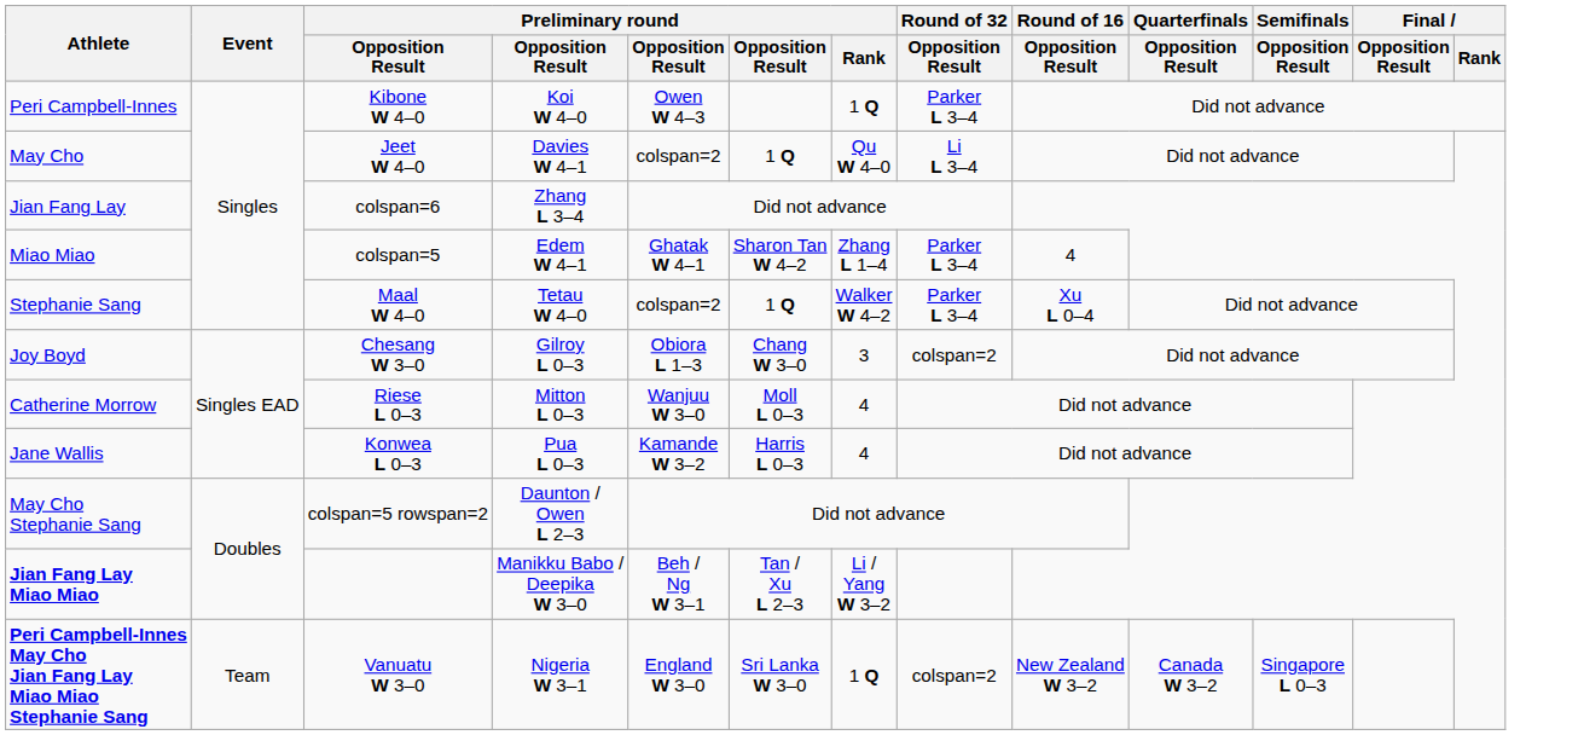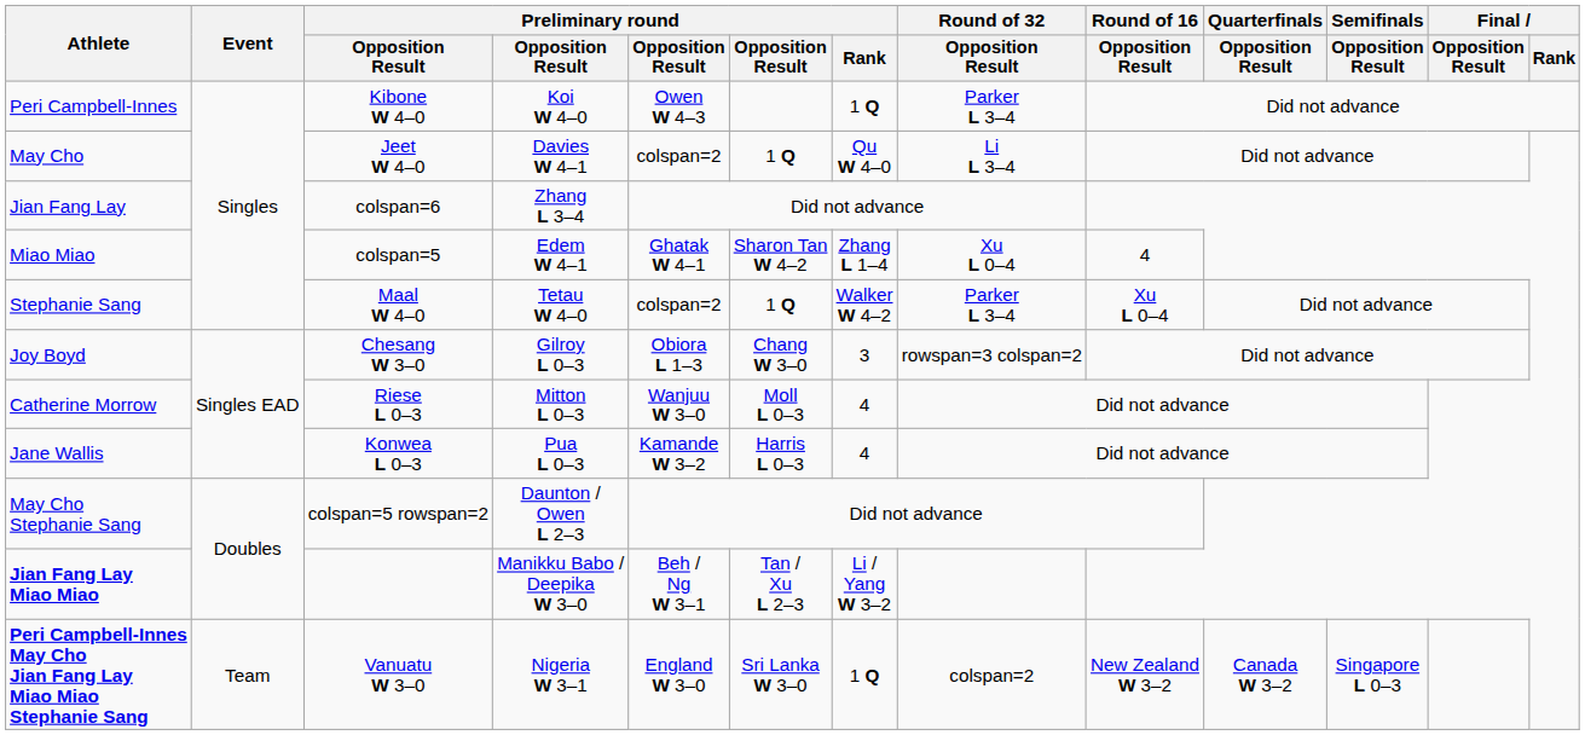 <table class="wikitable" style="font-size:90%;text-align:center">
 <tr>
 <th rowspan=2>Athlete</th>
 <th rowspan=2>Event</th>
 <th colspan=5>Preliminary round</th>
 <th>Round of 32</th>
 <th>Round of 16</th>
 <th>Quarterfinals</th>
 <th>Semifinals</th>
 <th colspan=2>Final / </th>
 </tr>
 <tr style="font-size:95%">
 <th>Opposition<br>Result</th>
 <th>Opposition<br>Result</th>
 <th>Opposition<br>Result</th>
 <th>Opposition<br>Result</th>
 <th>Rank</th>
 <th>Opposition<br>Result</th>
 <th>Opposition<br>Result</th>
 <th>Opposition<br>Result</th>
 <th>Opposition<br>Result</th>
 <th>Opposition<br>Result</th>
 <th>Rank</th>
 </tr>
 <tr>
 <td align=left><a href='#'>Peri Campbell-Innes</a></td>
 <td rowspan=5>Singles</td>
 <td> <a href='#'>Kibone</a> <br> <strong>W</strong> 4–0</td>
 <td> <a href='#'>Koi</a> <br> <strong>W</strong> 4–0</td>
 <td> <a href='#'>Owen</a> <br> <strong>W</strong> 4–3</td>
 <td></td>
 <td>1 <strong>Q</strong></td>
 <td> <a href='#'>Parker</a> <br> <strong>L</strong> 3–4</td>
 <td colspan=5>Did not advance</td>
 </tr>
 <tr>
 <td align=left><a href='#'>May Cho</a></td>
 <td> <a href='#'>Jeet</a> <br> <strong>W</strong> 4–0</td>
 <td> <a href='#'>Davies</a> <br> <strong>W</strong> 4–1</td>
 <td>colspan=2 </td>
 <td>1 <strong>Q</strong></td>
 <td> <a href='#'>Qu</a> <br><strong>W</strong> 4–0</td>
 <td> <a href='#'>Li</a> <br> <strong>L</strong> 3–4</td>
 <td colspan=4>Did not advance</td>
 </tr>
 <tr>
 <td align=left><a href='#'>Jian Fang Lay</a></td>
 <td>colspan=6 </td>
 <td> <a href='#'>Zhang</a> <br> <strong>L</strong> 3–4</td>
 <td colspan=4>Did not advance</td>
 </tr>
 <tr>
 <td align=left><a href='#'>Miao Miao</a></td>
 <td>colspan=5 </td>
 <td> <a href='#'>Edem</a> <br> <strong>W</strong> 4–1</td>
 <td> <a href='#'>Ghatak</a> <br> <strong>W</strong> 4–1</td>
 <td> <a href='#'>Sharon Tan</a> <br> <strong>W</strong> 4–2</td>
 <td> <a href='#'>Zhang</a> <br> <strong>L</strong> 1–4</td>
-<td> <a href='#'>Parker</a> <br> <strong>L</strong> 3–4</td>
+<td> <a href='#'>Xu</a> <br> <strong>L</strong> 0–4</td>
 <td>4</td>
 </tr>
 <tr>
 <td align=left><a href='#'>Stephanie Sang</a></td>
 <td> <a href='#'>Maal</a> <br> <strong>W</strong> 4–0</td>
 <td> <a href='#'>Tetau</a> <br> <strong>W</strong> 4–0</td>
 <td>colspan=2 </td>
 <td>1 <strong>Q</strong></td>
 <td> <a href='#'>Walker</a> <br> <strong>W</strong> 4–2</td>
 <td> <a href='#'>Parker</a> <br> <strong>L</strong> 3–4</td>
 <td> <a href='#'>Xu</a> <br> <strong>L</strong> 0–4</td>
 <td colspan=3>Did not advance</td>
 </tr>
 <tr>
 <td align=left><a href='#'>Joy Boyd</a></td>
 <td rowspan=3>Singles EAD</td>
 <td> <a href='#'>Chesang</a> <br> <strong>W</strong> 3–0</td>
 <td> <a href='#'>Gilroy</a> <br> <strong>L</strong> 0–3</td>
 <td> <a href='#'>Obiora</a> <br> <strong>L</strong> 1–3</td>
 <td> <a href='#'>Chang</a> <br> <strong>W</strong> 3–0</td>
 <td>3</td>
-<td>colspan=2 </td>
+<td>rowspan=3 colspan=2 </td>
 <td colspan=4>Did not advance</td>
 </tr>
 <tr>
 <td align=left><a href='#'>Catherine Morrow</a></td>
 <td> <a href='#'>Riese</a> <br> <strong>L</strong> 0–3</td>
 <td> <a href='#'>Mitton</a> <br> <strong>L</strong> 0–3</td>
 <td> <a href='#'>Wanjuu</a> <br> <strong>W</strong> 3–0</td>
 <td> <a href='#'>Moll</a> <br> <strong>L</strong> 0–3</td>
 <td>4</td>
 <td colspan=4>Did not advance</td>
 </tr>
 <tr>
 <td align=left><a href='#'>Jane Wallis</a></td>
 <td> <a href='#'>Konwea</a> <br> <strong>L</strong> 0–3</td>
 <td> <a href='#'>Pua</a> <br> <strong>L</strong> 0–3</td>
 <td> <a href='#'>Kamande</a> <br> <strong>W</strong> 3–2</td>
 <td> <a href='#'>Harris</a> <br> <strong>L</strong> 0–3</td>
 <td>4</td>
 <td colspan=4>Did not advance</td>
 </tr>
 <tr>
 <td align=left><a href='#'>May Cho</a> <br> <a href='#'>Stephanie Sang</a></td>
 <td rowspan=2>Doubles</td>
 <td>colspan=5 rowspan=2 </td>
 <td> <a href='#'>Daunton</a> /<br> <a href='#'>Owen</a><br> <strong>L</strong> 2–3</td>
 <td colspan=5>Did not advance</td>
 </tr>
 <tr>
 <td align=left><strong><a href='#'>Jian Fang Lay</a> <br> <a href='#'>Miao Miao</a></strong></td>
 <td></td>
 <td> <a href='#'>Manikku Babo</a> /<br><a href='#'>Deepika</a><br> <strong>W</strong> 3–0</td>
 <td> <a href='#'>Beh</a> /<br> <a href='#'>Ng</a> <br> <strong>W</strong> 3–1</td>
 <td> <a href='#'>Tan</a> /<br> <a href='#'>Xu</a> <br> <strong>L</strong> 2–3</td>
 <td> <a href='#'>Li</a> /<br> <a href='#'>Yang</a> <br> <strong>W</strong> 3–2</td>
 <td></td>
 </tr>
 <tr>
 <td align=left><strong><a href='#'>Peri Campbell-Innes</a><br><a href='#'>May Cho</a><br><a href='#'>Jian Fang Lay</a><br><a href='#'>Miao Miao</a><br><a href='#'>Stephanie Sang</a></strong></td>
 <td>Team</td>
 <td> <a href='#'>Vanuatu</a> <br> <strong>W</strong> 3–0</td>
 <td> <a href='#'>Nigeria</a> <br> <strong>W</strong> 3–1</td>
 <td> <a href='#'>England</a> <br> <strong>W</strong> 3–0</td>
 <td> <a href='#'>Sri Lanka</a> <br> <strong>W</strong> 3–0</td>
 <td>1 <strong>Q</strong></td>
 <td>colspan=2 </td>
 <td> <a href='#'>New Zealand</a> <br> <strong>W</strong> 3–2</td>
 <td> <a href='#'>Canada</a> <br> <strong>W</strong> 3–2</td>
 <td> <a href='#'>Singapore</a> <br> <strong>L</strong> 0–3</td>
 <td></td>
 </tr>
 </table>
